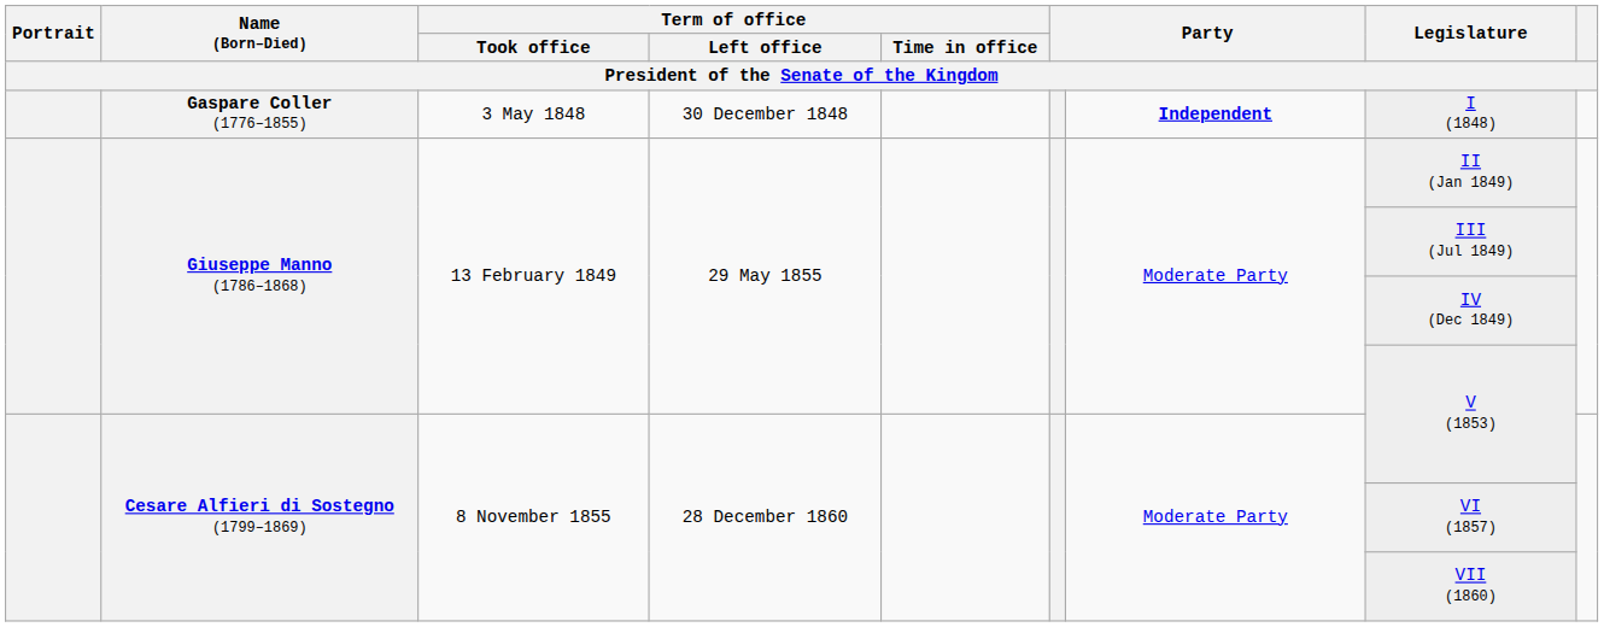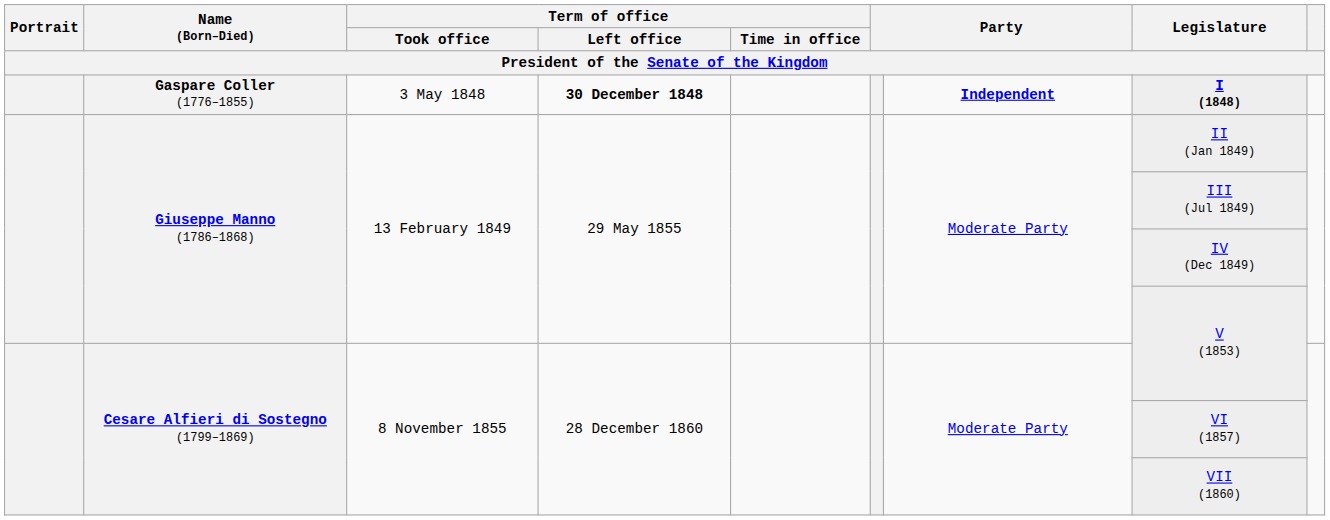 <table class="wikitable" style="text-align:center; style="width=95%">
 <tr>
 <th width=1% rowspan=2>Portrait</th>
 <th width=15% rowspan=2>Name<br><small>(Born–Died)</small></th>
 <th width=30% colspan=3>Term of office</th>
 <th width=15% rowspan=2 colspan=2>Party</th>
 <th width=10% rowspan=2>Legislature</th>
 <th width=1% rowspan=2></th>
 </tr>
 <tr style="text-align:center;">
 <th width=11%>Took office</th>
 <th width=11%>Left office</th>
 <th width=8%>Time in office</th>
 </tr>
 <tr>
 <th colspan=9>President of the <a href='#'>Senate of the Kingdom</a></th>
 </tr>
 <tr>
 <th></th>
 <th scope="row" style="font-weight:normal"><strong>Gaspare Coller</strong><br><small>(1776–1855)</small></th>
 <td>3 May 1848</td>
-<td>30 December 1848</td>
+<td><strong>30 December 1848</strong></td>
 <td></td>
 <th style="background:"></th>
 <td><strong><a href='#'>Independent</a></strong></td>
-<td bgcolor="#EEEEEE"><a href='#'>I</a><br><small>(1848)</small></td>
+<td bgcolor="#EEEEEE"><strong><a href='#'>I</a><br><small>(1848)</small></strong></td>
 <td></td>
 </tr>
 <tr style="height:4em;">
 <th rowspan=4></th>
 <th scope="row" style="font-weight:normal" rowspan=4><strong><a href='#'>Giuseppe Manno</a></strong><br><small>(1786–1868)</small></th>
 <td rowspan=4>13 February 1849</td>
 <td rowspan=4>29 May 1855</td>
 <td rowspan=4></td>
 <th rowspan=4 style="background:"></th>
 <td rowspan=4><a href='#'>Moderate Party</a></td>
 <td bgcolor="#EEEEEE"><a href='#'>II</a><br><small>(Jan 1849)</small></td>
 <td rowspan=4></td>
 </tr>
 <tr style="height:4em;">
 <td bgcolor="#EEEEEE"><a href='#'>III</a><br><small>(Jul 1849)</small></td>
 </tr>
 <tr style="height:4em;">
 <td bgcolor="#EEEEEE"><a href='#'>IV</a><br><small>(Dec 1849)</small></td>
 </tr>
 <tr style="height:4em;">
 <td rowspan=2 bgcolor="#EEEEEE"><a href='#'>V</a><br><small>(1853)</small></td>
 </tr>
 <tr style="height:4em;">
 <th rowspan=3></th>
 <th scope="row" style="font-weight:normal" rowspan=3><strong><a href='#'>Cesare Alfieri di Sostegno</a></strong><br><small>(1799–1869)</small></th>
 <td rowspan=3>8 November 1855</td>
 <td rowspan=3>28 December 1860</td>
 <td rowspan=3></td>
 <th rowspan=3 style="background:"></th>
 <td rowspan=3><a href='#'>Moderate Party</a></td>
 <td rowspan=3></td>
 </tr>
 <tr style="height:4em;">
 <td bgcolor="#EEEEEE"><a href='#'>VI</a><br><small>(1857)</small></td>
 </tr>
 <tr style="height:4em;">
 <td bgcolor="#EEEEEE"><a href='#'>VII</a><br><small>(1860)</small></td>
 </tr>
 </table>
